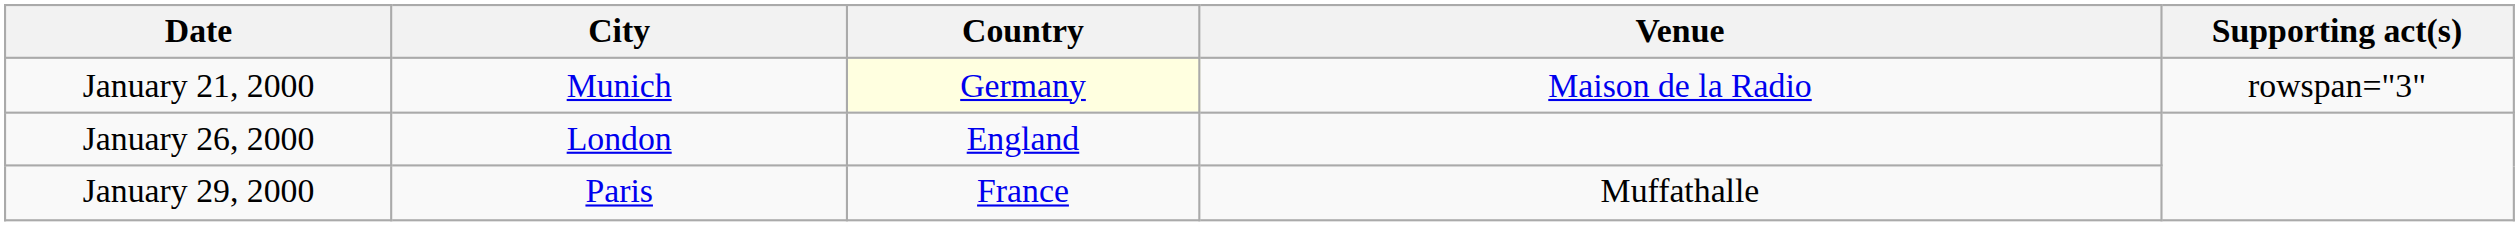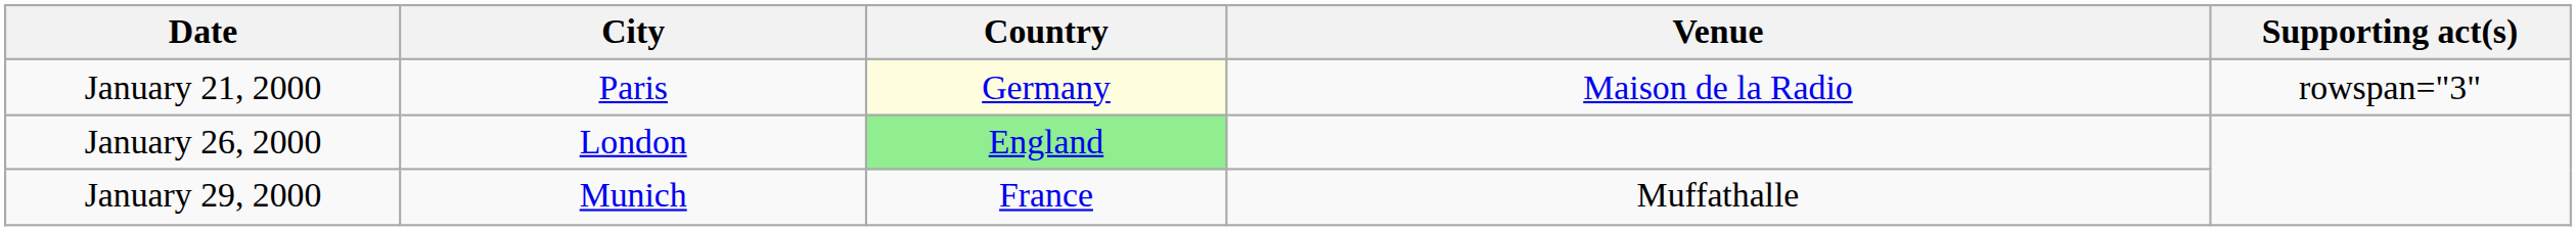 <table class="wikitable sortable plainrowheaders" style="text-align:center;">
 <tr>
 <th scope="col" style="width:11em;">Date</th>
 <th scope="col" style="width:13em;">City</th>
 <th scope="col" style="width:10em;">Country</th>
 <th scope="col" style="width:28em;">Venue</th>
 <th scope="col" style="width:10em;">Supporting act(s)</th>
 </tr>
 <tr>
 <td>January 21, 2000</td>
-<td><a href='#'>Munich</a></td>
+<td><a href='#'>Paris</a></td>
 <td style="background: lightyellow;"><a href='#'>Germany</a></td>
 <td><a href='#'>Maison de la Radio</a></td>
 <td>rowspan="3" </td>
 </tr>
 <tr>
 <td>January 26, 2000</td>
 <td><a href='#'>London</a></td>
-<td><a href='#'>England</a></td>
+<td style="background: lightgreen;"><a href='#'>England</a></td>
 <td></td>
 </tr>
 <tr>
 <td>January 29, 2000</td>
-<td><a href='#'>Paris</a></td>
+<td><a href='#'>Munich</a></td>
 <td><a href='#'>France</a></td>
 <td>Muffathalle</td>
 </tr>
 </table>
